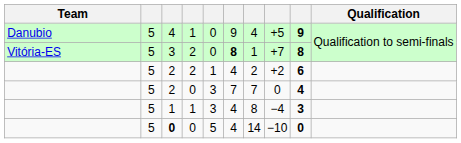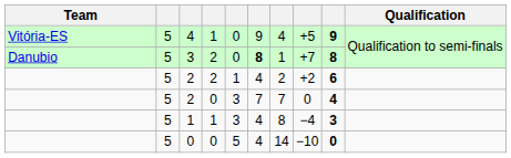 <table class="wikitable" style="text-align:center;">
 <tr>
 <th width=175>Team</th>
 <th width=20></th>
 <th width=20></th>
 <th width=20></th>
 <th width=20></th>
 <th width=20></th>
 <th width=20></th>
 <th width=20></th>
 <th width=20></th>
 <th>Qualification</th>
 </tr>
 <tr bgcolor="#ccffcc">
-<td align="left"> <a href='#'>Danubio</a></td>
+<td align="left"> <a href='#'>Vitória-ES</a></td>
 <td>5</td>
 <td>4</td>
 <td>1</td>
 <td>0</td>
 <td>9</td>
 <td>4</td>
 <td>+5</td>
 <td><strong>9</strong></td>
 <td rowspan="2">Qualification to semi-finals</td>
 </tr>
 <tr bgcolor="#ccffcc">
-<td align="left"> <a href='#'>Vitória-ES</a></td>
+<td align="left"> <a href='#'>Danubio</a></td>
 <td>5</td>
 <td>3</td>
 <td>2</td>
 <td>0</td>
 <td><strong>8</strong></td>
 <td>1</td>
 <td>+7</td>
 <td><strong>8</strong></td>
 </tr>
 <tr>
 <td align="left"></td>
 <td>5</td>
 <td>2</td>
 <td>2</td>
 <td>1</td>
 <td>4</td>
 <td>2</td>
 <td>+2</td>
 <td><strong>6</strong></td>
 <td></td>
 </tr>
 <tr>
 <td align="left"></td>
 <td>5</td>
 <td>2</td>
 <td>0</td>
 <td>3</td>
 <td>7</td>
 <td>7</td>
 <td>0</td>
 <td><strong>4</strong></td>
 <td></td>
 </tr>
 <tr>
 <td align="left"></td>
 <td>5</td>
 <td>1</td>
 <td>1</td>
 <td>3</td>
 <td>4</td>
 <td>8</td>
 <td>−4</td>
 <td><strong>3</strong></td>
 <td></td>
 </tr>
 <tr>
 <td align="left"></td>
 <td>5</td>
-<td><strong>0</strong></td>
+<td>0</td>
 <td>0</td>
 <td>5</td>
 <td>4</td>
 <td>14</td>
 <td>−10</td>
 <td><strong>0</strong></td>
 <td></td>
 </tr>
 </table>
